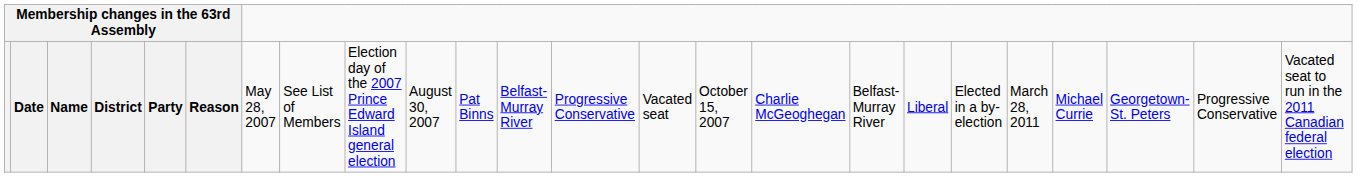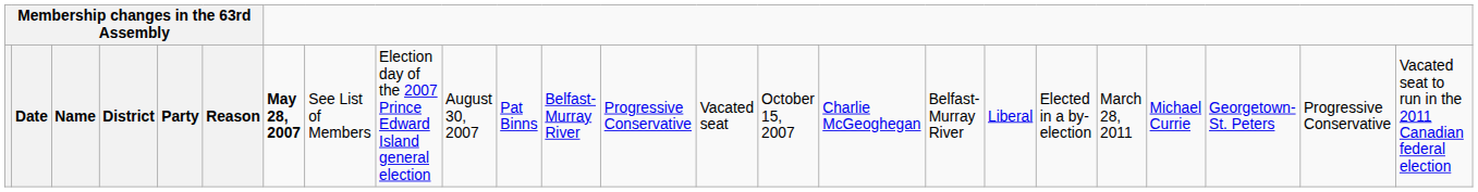 <table class="wikitable">
 <tr>
 <th colspan=6>Membership changes in the 63rd Assembly</th>
 </tr>
 <tr>
 <th></th>
 <th>Date</th>
 <th>Name</th>
 <th>District</th>
 <th>Party</th>
 <th>Reason<br></th>
-<td>May 28, 2007</td>
+<td><strong>May 28, 2007</strong></td>
 <td colspan=3>See List of Members</td>
 <td>Election day of the <a href='#'>2007 Prince Edward Island general election</a><br></td>
 <td>August 30, 2007</td>
 <td><a href='#'>Pat Binns</a></td>
 <td><a href='#'>Belfast-Murray River</a></td>
 <td><a href='#'>Progressive Conservative</a></td>
 <td>Vacated seat<br></td>
 <td>October 15, 2007</td>
 <td><a href='#'>Charlie McGeoghegan</a></td>
 <td>Belfast-Murray River</td>
 <td><a href='#'>Liberal</a></td>
 <td>Elected in a by-election<br></td>
 <td>March 28, 2011</td>
 <td><a href='#'>Michael Currie</a></td>
 <td><a href='#'>Georgetown-St. Peters</a></td>
 <td>Progressive Conservative</td>
 <td>Vacated seat to run in the <a href='#'>2011 Canadian federal election</a></td>
 </tr>
 </table>
